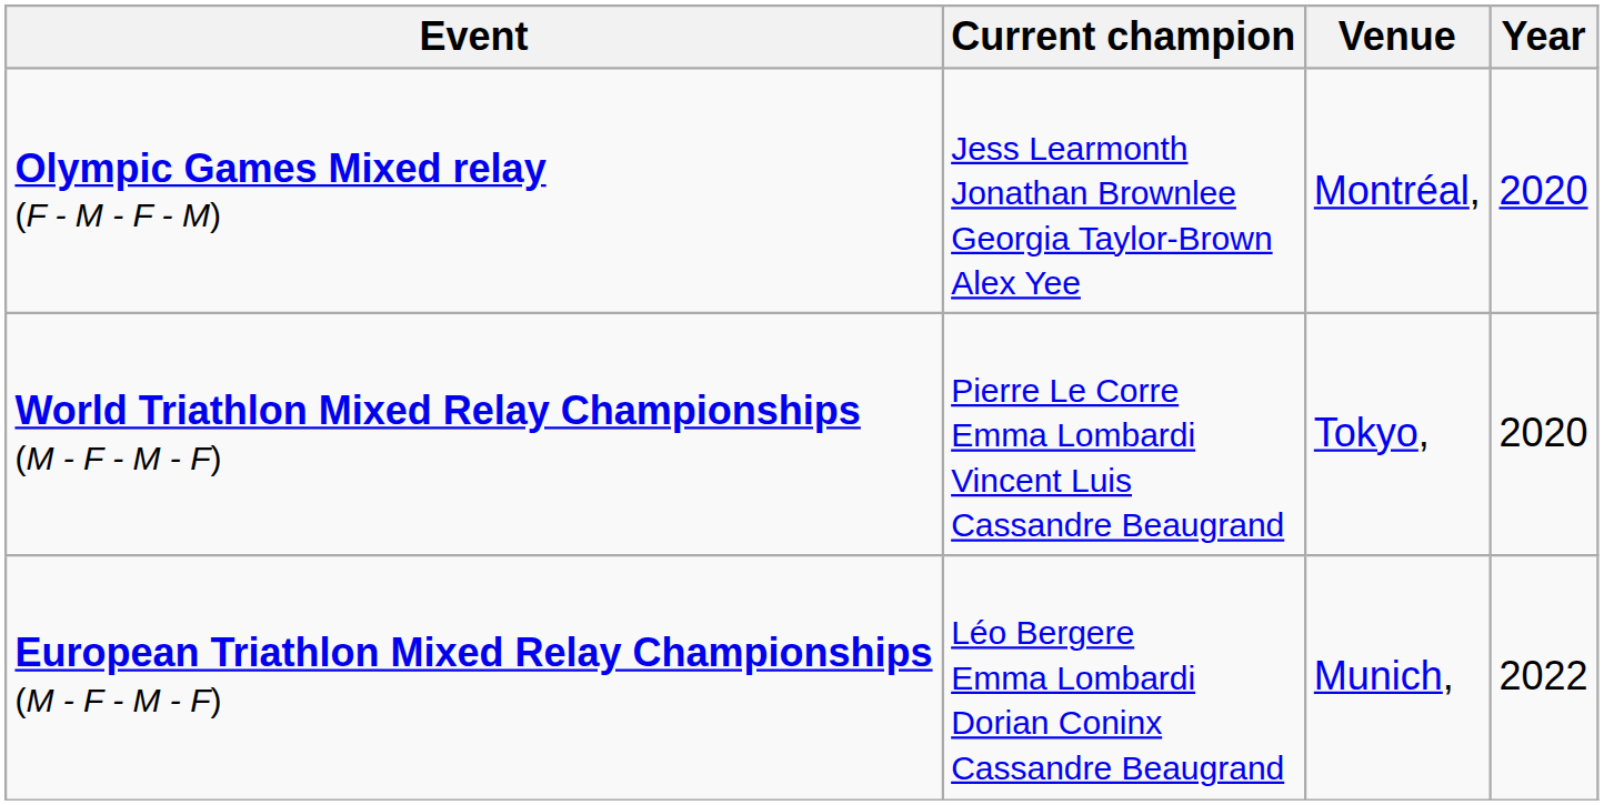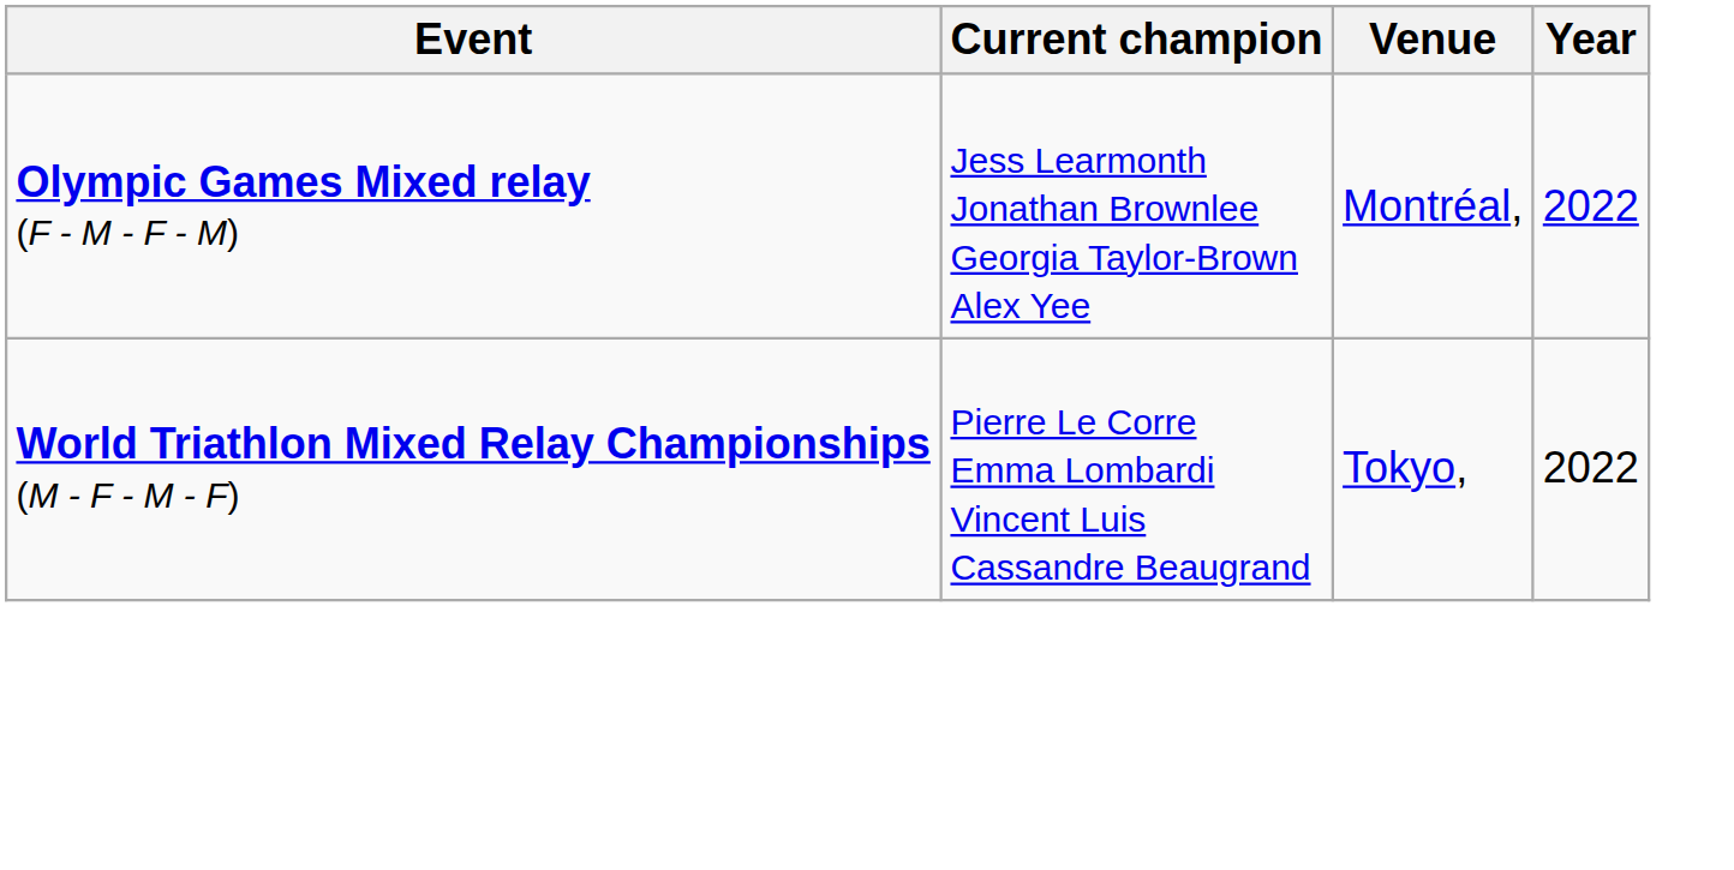 <table class="wikitable sortable" style="text-align:left; text-valign:top">
 <tr>
 <th>Event</th>
 <th>Current champion</th>
 <th>Venue</th>
 <th>Year</th>
 </tr>
 <tr>
 <td><strong><a href='#'>Olympic Games Mixed relay</a></strong><br><small>(<em>F - M - F - M</em>)</small></td>
 <td><br><small><a href='#'>Jess Learmonth</a><br><a href='#'>Jonathan Brownlee</a><br><a href='#'>Georgia Taylor-Brown</a><br><a href='#'>Alex Yee</a></small></td>
 <td><a href='#'>Montréal</a>, </td>
-<td><a href='#'>2020</a></td>
+<td><a href='#'>2022</a></td>
 </tr>
 <tr>
 <td><strong><a href='#'>World Triathlon Mixed Relay Championships</a></strong><br><small>(<em>M - F - M - F</em>)</small></td>
 <td><br><small><a href='#'>Pierre Le Corre</a><br><a href='#'>Emma Lombardi</a><br><a href='#'>Vincent Luis</a><br><a href='#'>Cassandre Beaugrand</a></small></td>
 <td><a href='#'>Tokyo</a>, </td>
-<td>2020</td>
-</tr>
-<tr>
-<td><strong><a href='#'>European Triathlon Mixed Relay Championships</a></strong><br><small>(<em>M - F - M - F</em>)</small></td>
-<td><br><small><a href='#'>Léo Bergere</a><br><a href='#'>Emma Lombardi</a><br><a href='#'>Dorian Coninx</a><br><a href='#'>Cassandre Beaugrand</a></small></td>
-<td><a href='#'>Munich</a>, </td>
 <td>2022</td>
 </tr>
 </table>
